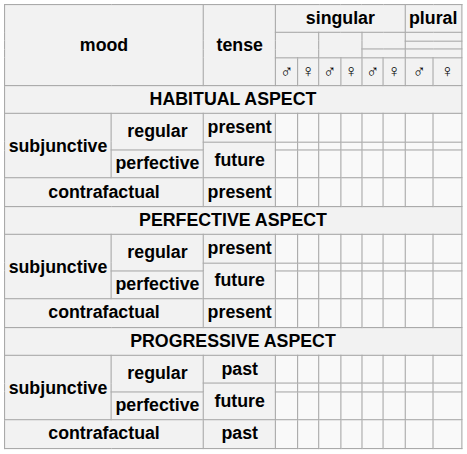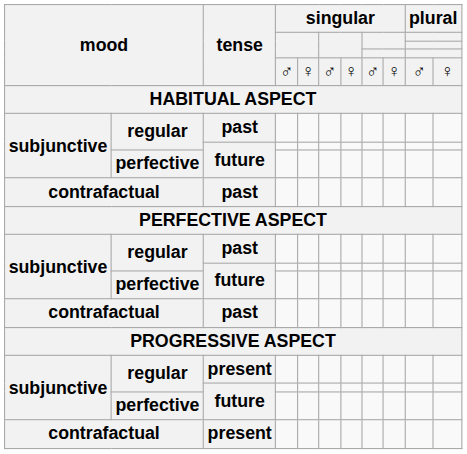 <table class="wikitable">
 <tr>
 <th colspan="2" rowspan="5">mood</th>
 <th rowspan="5">tense</th>
 <th colspan="6">singular</th>
 <th colspan="2">plural</th>
 </tr>
 <tr>
 <th colspan="2" rowspan="3"> </th>
 <th colspan="2" rowspan="3"> </th>
 <th colspan="2" rowspan="2"> </th>
 <th colspan="2"> </th>
 </tr>
 <tr>
 <th colspan="2"> </th>
 </tr>
 <tr>
 <th colspan="2"> </th>
 <th colspan="2"> </th>
 </tr>
 <tr>
 <th>♂</th>
 <th>♀</th>
 <th>♂</th>
 <th>♀</th>
 <th>♂</th>
 <th>♀</th>
 <th>♂</th>
 <th>♀</th>
 </tr>
 <tr>
 <th colspan="11">HABITUAL ASPECT</th>
+</tr>
+<tr>
+<th rowspan="3">subjunctive</th>
+<th rowspan="2">regular</th>
+<th>past</th>
+<td></td>
+<td></td>
+<td></td>
+<td></td>
+<td></td>
+<td></td>
+<td></td>
+<td></td>
+</tr>
+<tr>
+<th rowspan="2">future</th>
+<td></td>
+<td></td>
+<td></td>
+<td></td>
+<td></td>
+<td></td>
+<td></td>
+<td></td>
+</tr>
+<tr>
+<th>perfective</th>
+<td></td>
+<td></td>
+<td></td>
+<td></td>
+<td></td>
+<td></td>
+<td></td>
+<td></td>
+</tr>
+<tr>
+<th colspan="2">contrafactual</th>
+<th>past</th>
+<td></td>
+<td></td>
+<td></td>
+<td></td>
+<td></td>
+<td></td>
+<td></td>
+<td></td>
+</tr>
+<tr>
+<th colspan="11">PERFECTIVE ASPECT</th>
+</tr>
+<tr>
+<th rowspan="3">subjunctive</th>
+<th rowspan="2">regular</th>
+<th>past</th>
+<td></td>
+<td></td>
+<td></td>
+<td></td>
+<td></td>
+<td></td>
+<td></td>
+<td></td>
+</tr>
+<tr>
+<th rowspan="2">future</th>
+<td></td>
+<td></td>
+<td></td>
+<td></td>
+<td></td>
+<td></td>
+<td></td>
+<td></td>
+</tr>
+<tr>
+<th>perfective</th>
+<td></td>
+<td></td>
+<td></td>
+<td></td>
+<td></td>
+<td></td>
+<td></td>
+<td></td>
+</tr>
+<tr>
+<th colspan="2">contrafactual</th>
+<th>past</th>
+<td></td>
+<td></td>
+<td></td>
+<td></td>
+<td></td>
+<td></td>
+<td></td>
+<td></td>
+</tr>
+<tr>
+<th colspan="11">PROGRESSIVE ASPECT</th>
 </tr>
 <tr>
 <th rowspan="3">subjunctive</th>
 <th rowspan="2">regular</th>
 <th>present</th>
 <td></td>
 <td></td>
 <td></td>
 <td></td>
 <td></td>
 <td></td>
 <td></td>
 <td></td>
 </tr>
 <tr>
 <th rowspan="2">future</th>
 <td></td>
 <td></td>
 <td></td>
 <td></td>
 <td></td>
 <td></td>
 <td></td>
 <td></td>
 </tr>
 <tr>
 <th>perfective</th>
 <td></td>
 <td></td>
 <td></td>
 <td></td>
 <td></td>
 <td></td>
 <td></td>
 <td></td>
 </tr>
 <tr>
 <th colspan="2">contrafactual</th>
 <th>present</th>
 <td></td>
 <td></td>
 <td></td>
 <td></td>
 <td></td>
 <td></td>
 <td></td>
 <td></td>
 </tr>
-<tr>
-<th colspan="11">PERFECTIVE ASPECT</th>
-</tr>
-<tr>
-<th rowspan="3">subjunctive</th>
-<th rowspan="2">regular</th>
-<th>present</th>
-<td></td>
-<td></td>
-<td></td>
-<td></td>
-<td></td>
-<td></td>
-<td></td>
-<td></td>
-</tr>
-<tr>
-<th rowspan="2">future</th>
-<td></td>
-<td></td>
-<td></td>
-<td></td>
-<td></td>
-<td></td>
-<td></td>
-<td></td>
-</tr>
-<tr>
-<th>perfective</th>
-<td></td>
-<td></td>
-<td></td>
-<td></td>
-<td></td>
-<td></td>
-<td></td>
-<td></td>
-</tr>
-<tr>
-<th colspan="2">contrafactual</th>
-<th>present</th>
-<td></td>
-<td></td>
-<td></td>
-<td></td>
-<td></td>
-<td></td>
-<td></td>
-<td></td>
-</tr>
-<tr>
-<th colspan="11">PROGRESSIVE ASPECT</th>
-</tr>
-<tr>
-<th rowspan="3">subjunctive</th>
-<th rowspan="2">regular</th>
-<th>past</th>
-<td></td>
-<td></td>
-<td></td>
-<td></td>
-<td></td>
-<td></td>
-<td></td>
-<td></td>
-</tr>
-<tr>
-<th rowspan="2">future</th>
-<td></td>
-<td></td>
-<td></td>
-<td></td>
-<td></td>
-<td></td>
-<td></td>
-<td></td>
-</tr>
-<tr>
-<th>perfective</th>
-<td></td>
-<td></td>
-<td></td>
-<td></td>
-<td></td>
-<td></td>
-<td></td>
-<td></td>
-</tr>
-<tr>
-<th colspan="2">contrafactual</th>
-<th>past</th>
-<td></td>
-<td></td>
-<td></td>
-<td></td>
-<td></td>
-<td></td>
-<td></td>
-<td></td>
-</tr>
 </table>
